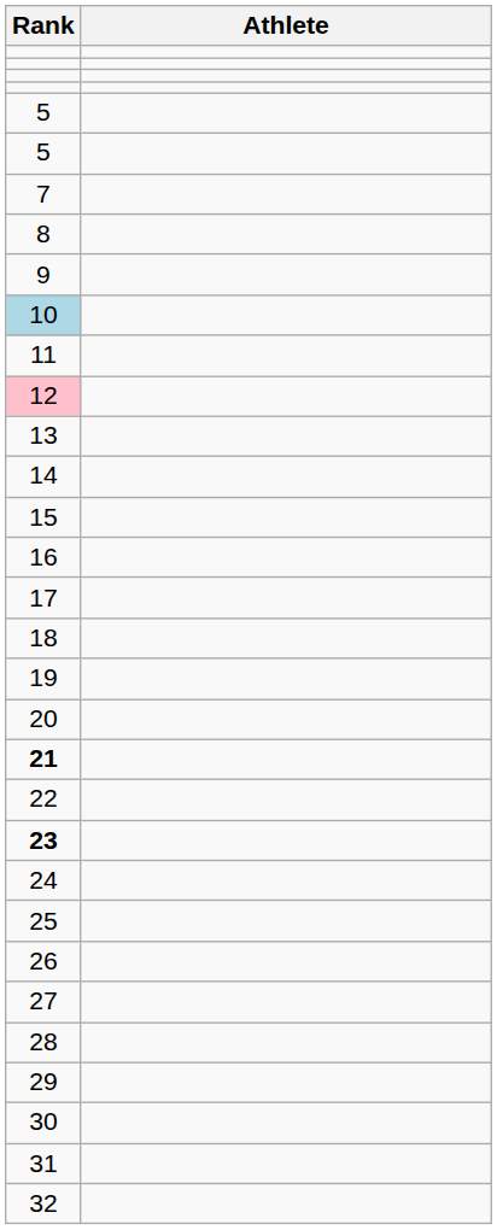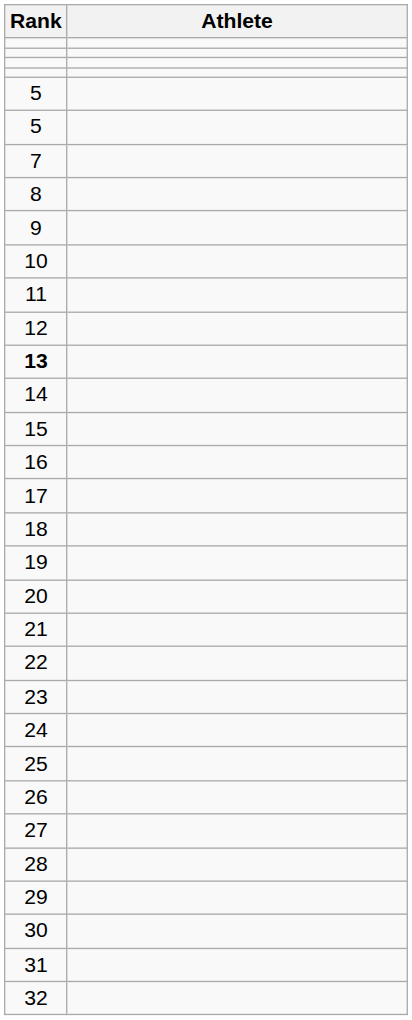 <table class="wikitable" style="text-align: center;">
 <tr>
 <th width=40>Rank</th>
 <th width=250>Athlete</th>
 </tr>
 <tr>
 <td></td>
 <td align="left"></td>
 </tr>
 <tr>
 <td></td>
 <td align="left"></td>
 </tr>
 <tr>
 <td></td>
 <td align="left"></td>
 </tr>
 <tr>
 <td></td>
 <td align="left"></td>
 </tr>
 <tr>
 <td>5</td>
 <td align="left"></td>
 </tr>
 <tr>
 <td>5</td>
 <td align="left"></td>
 </tr>
 <tr>
 <td>7</td>
 <td align="left"></td>
 </tr>
 <tr>
 <td>8</td>
 <td align="left"></td>
 </tr>
 <tr>
 <td>9</td>
 <td align="left"></td>
 </tr>
 <tr>
-<td style="background: lightblue;">10</td>
+<td>10</td>
 <td align="left"></td>
 </tr>
 <tr>
 <td>11</td>
 <td align="left"></td>
 </tr>
 <tr>
-<td style="background: pink;">12</td>
+<td>12</td>
 <td align="left"></td>
 </tr>
 <tr>
-<td>13</td>
+<td><strong>13</strong></td>
 <td align="left"></td>
 </tr>
 <tr>
 <td>14</td>
 <td align="left"></td>
 </tr>
 <tr>
 <td>15</td>
 <td align="left"></td>
 </tr>
 <tr>
 <td>16</td>
 <td align="left"></td>
 </tr>
 <tr>
 <td>17</td>
 <td align="left"></td>
 </tr>
 <tr>
 <td>18</td>
 <td align="left"></td>
 </tr>
 <tr>
 <td>19</td>
 <td align="left"></td>
 </tr>
 <tr>
 <td>20</td>
 <td align="left"></td>
 </tr>
 <tr>
-<td><strong>21</strong></td>
+<td>21</td>
 <td align="left"></td>
 </tr>
 <tr>
 <td>22</td>
 <td align="left"></td>
 </tr>
 <tr>
-<td><strong>23</strong></td>
+<td>23</td>
 <td align="left"></td>
 </tr>
 <tr>
 <td>24</td>
 <td align="left"></td>
 </tr>
 <tr>
 <td>25</td>
 <td align="left"></td>
 </tr>
 <tr>
 <td>26</td>
 <td align="left"></td>
 </tr>
 <tr>
 <td>27</td>
 <td align="left"></td>
 </tr>
 <tr>
 <td>28</td>
 <td align="left"></td>
 </tr>
 <tr>
 <td>29</td>
 <td align="left"></td>
 </tr>
 <tr>
 <td>30</td>
 <td align="left"></td>
 </tr>
 <tr>
 <td>31</td>
 <td align="left"></td>
 </tr>
 <tr>
 <td>32</td>
 <td align="left"></td>
 </tr>
 </table>
